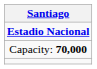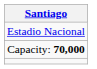 <table class= wikitable style=text-align:center>
 <tr>
 <th><a href='#'>Santiago</a></th>
 </tr>
 <tr>
-<td><strong><a href='#'>Estadio Nacional</a></strong></td>
+<td><a href='#'>Estadio Nacional</a></td>
 </tr>
 <tr>
 <td>Capacity: <strong>70,000</strong></td>
 </tr>
 <tr>
 <td></td>
 </tr>
 </table>
